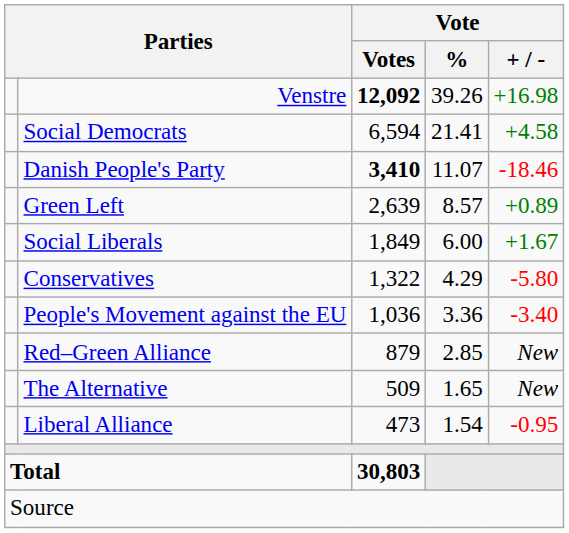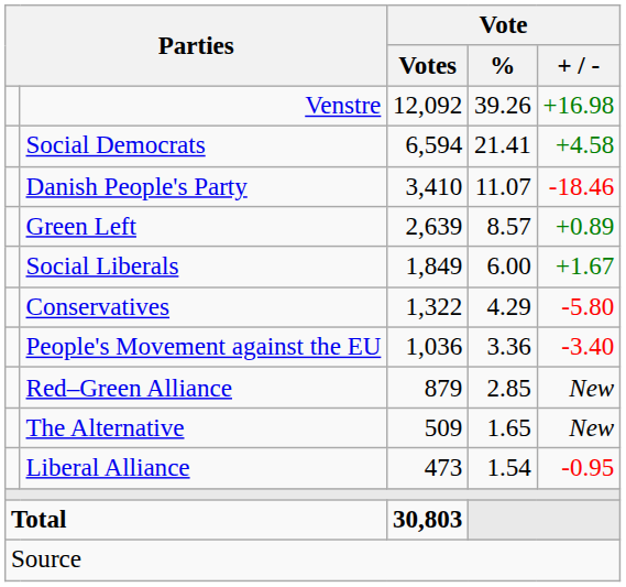 <table class="wikitable" style="text-align:right;">
 <tr>
 <th style="text-align:centre;" rowspan="2" colspan="2" width="225">Parties</th>
 <th colspan="3">Vote</th>
 </tr>
 <tr>
 <th width="15">Votes</th>
 <th width="15">%</th>
 <th width="15">+ / -</th>
 </tr>
 <tr>
 <td width=2 bgcolor=></td>
 <td><a href='#'>Venstre</a></td>
-<td><strong>12,092</strong></td>
+<td>12,092</td>
 <td>39.26</td>
 <td style=color:green;>+16.98</td>
 </tr>
 <tr>
 <td width=2 bgcolor=></td>
 <td align=left><a href='#'>Social Democrats</a></td>
 <td>6,594</td>
 <td>21.41</td>
 <td style=color:green;>+4.58</td>
 </tr>
 <tr>
 <td width="2" style="color:inherit;background:"></td>
 <td align="left"><a href='#'>Danish People's Party</a></td>
-<td><strong>3,410</strong></td>
+<td>3,410</td>
 <td>11.07</td>
 <td style=color:red;>-18.46</td>
 </tr>
 <tr>
 <td width="2" style="color:inherit;background:"></td>
 <td align="left"><a href='#'>Green Left</a></td>
 <td>2,639</td>
 <td>8.57</td>
 <td style=color:green;>+0.89</td>
 </tr>
 <tr>
 <td width="2" style="color:inherit;background:"></td>
 <td align="left"><a href='#'>Social Liberals</a></td>
 <td>1,849</td>
 <td>6.00</td>
 <td style=color:green;>+1.67</td>
 </tr>
 <tr>
 <td width="2" style="color:inherit;background:"></td>
 <td align="left"><a href='#'>Conservatives</a></td>
 <td>1,322</td>
 <td>4.29</td>
 <td style=color:red;>-5.80</td>
 </tr>
 <tr>
 <td width="2" style="color:inherit;background:"></td>
 <td align="left"><a href='#'>People's Movement against the EU</a></td>
 <td>1,036</td>
 <td>3.36</td>
 <td style=color:red;>-3.40</td>
 </tr>
 <tr>
 <td width="2" style="color:inherit;background:"></td>
 <td align="left"><a href='#'>Red–Green Alliance</a></td>
 <td>879</td>
 <td>2.85</td>
 <td><em>New</em></td>
 </tr>
 <tr>
 <td width="2" style="color:inherit;background:"></td>
 <td align="left"><a href='#'>The Alternative</a></td>
 <td>509</td>
 <td>1.65</td>
 <td><em>New</em></td>
 </tr>
 <tr>
 <td width="2" style="color:inherit;background:"></td>
 <td align="left"><a href='#'>Liberal Alliance</a></td>
 <td>473</td>
 <td>1.54</td>
 <td style=color:red;>-0.95</td>
 </tr>
 <tr>
 <td colspan="7" bgcolor="#E9E9E9"></td>
 </tr>
 <tr>
 <td align="left" colspan="2"><strong>Total</strong></td>
 <td><strong>30,803</strong></td>
 <td bgcolor="#E9E9E9" colspan="2"></td>
 </tr>
 <tr>
 <td align="left" colspan="6">Source</td>
 </tr>
 </table>
